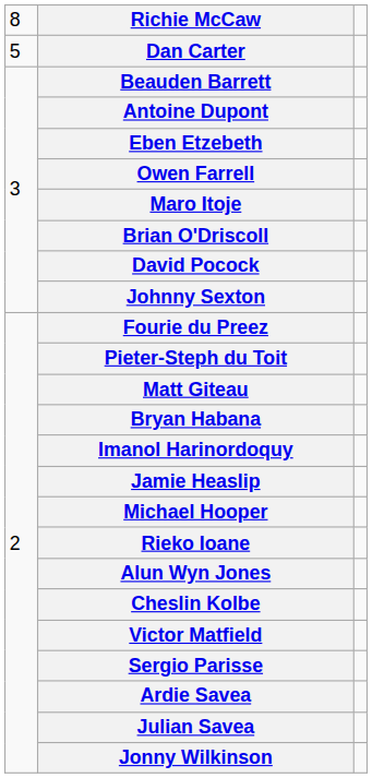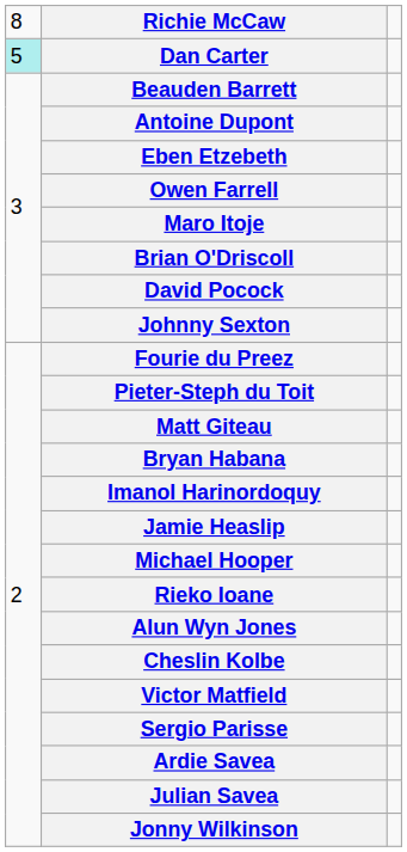 <table class="wikitable plainrowheaders" width="300px">
 <tr>
 <td width="20">8</td>
 <th scope=row><a href='#'>Richie McCaw</a></th>
 <td></td>
 </tr>
 <tr>
-<td>5</td>
+<td style="background: paleturquoise;">5</td>
 <th scope=row><a href='#'>Dan Carter</a></th>
 <td></td>
 </tr>
 <tr>
 <td rowspan=8>3</td>
 <th scope=row><a href='#'>Beauden Barrett</a></th>
 <td></td>
 </tr>
 <tr>
 <th scope=row><a href='#'>Antoine Dupont</a></th>
 <td></td>
 </tr>
 <tr>
 <th scope=row><a href='#'>Eben Etzebeth</a></th>
 <td></td>
 </tr>
 <tr>
 <th scope=row><a href='#'>Owen Farrell</a></th>
 <td></td>
 </tr>
 <tr>
 <th scope=row><a href='#'>Maro Itoje</a></th>
 <td></td>
 </tr>
 <tr>
 <th scope=row><a href='#'>Brian O'Driscoll</a></th>
 <td></td>
 </tr>
 <tr>
 <th scope=row><a href='#'>David Pocock</a></th>
 <td></td>
 </tr>
 <tr>
 <th scope=row><a href='#'>Johnny Sexton</a></th>
 <td></td>
 </tr>
 <tr>
 <td rowspan=15>2</td>
 <th scope=row><a href='#'>Fourie du Preez</a></th>
 <td></td>
 </tr>
 <tr>
 <th scope=row><a href='#'>Pieter-Steph du Toit</a></th>
 <td></td>
 </tr>
 <tr>
 <th scope=row><a href='#'>Matt Giteau</a></th>
 <td></td>
 </tr>
 <tr>
 <th scope=row><a href='#'>Bryan Habana</a></th>
 <td></td>
 </tr>
 <tr>
 <th scope=row><a href='#'>Imanol Harinordoquy</a></th>
 <td></td>
 </tr>
 <tr>
 <th scope=row><a href='#'>Jamie Heaslip</a></th>
 <td></td>
 </tr>
 <tr>
 <th scope=row><a href='#'>Michael Hooper</a></th>
 <td></td>
 </tr>
 <tr>
 <th scope=row><a href='#'>Rieko Ioane</a></th>
 <td></td>
 </tr>
 <tr>
 <th scope=row><a href='#'>Alun Wyn Jones</a></th>
 <td></td>
 </tr>
 <tr>
 <th scope=row><a href='#'>Cheslin Kolbe</a></th>
 <td></td>
 </tr>
 <tr>
 <th scope=row><a href='#'>Victor Matfield</a></th>
 <td></td>
 </tr>
 <tr>
 <th scope=row><a href='#'>Sergio Parisse</a></th>
 <td></td>
 </tr>
 <tr>
 <th scope=row><a href='#'>Ardie Savea</a></th>
 <td></td>
 </tr>
 <tr>
 <th scope=row><a href='#'>Julian Savea</a></th>
 <td></td>
 </tr>
 <tr>
 <th scope=row><a href='#'>Jonny Wilkinson</a></th>
 <td></td>
 </tr>
 </table>
